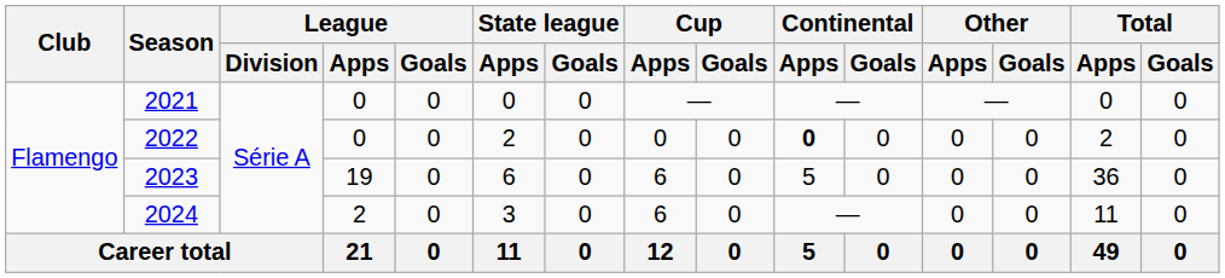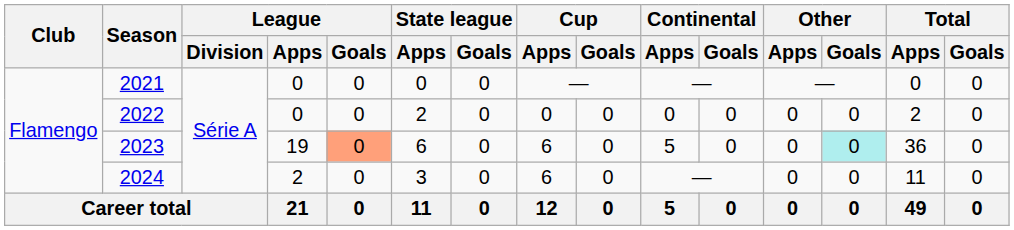 <table class="wikitable" style="text-align: center">
 <tr>
 <th rowspan="2">Club</th>
 <th rowspan="2">Season</th>
 <th colspan="3">League</th>
 <th colspan="2">State league</th>
 <th colspan="2">Cup</th>
 <th colspan="2">Continental</th>
 <th colspan="2">Other</th>
 <th colspan="2">Total</th>
 </tr>
 <tr>
 <th>Division</th>
 <th>Apps</th>
 <th>Goals</th>
 <th>Apps</th>
 <th>Goals</th>
 <th>Apps</th>
 <th>Goals</th>
 <th>Apps</th>
 <th>Goals</th>
 <th>Apps</th>
 <th>Goals</th>
 <th>Apps</th>
 <th>Goals</th>
 </tr>
 <tr>
 <td rowspan="4" align="center"><a href='#'>Flamengo</a></td>
 <td><a href='#'>2021</a></td>
 <td rowspan="4" align="center"><a href='#'>Série A</a></td>
 <td>0</td>
 <td>0</td>
 <td>0</td>
 <td>0</td>
 <td colspan="2">—</td>
 <td colspan="2">—</td>
 <td colspan="2">—</td>
 <td>0</td>
 <td>0</td>
 </tr>
 <tr>
 <td><a href='#'>2022</a></td>
 <td>0</td>
 <td>0</td>
 <td>2</td>
 <td>0</td>
 <td>0</td>
 <td>0</td>
-<td><strong>0</strong></td>
+<td>0</td>
 <td>0</td>
 <td>0</td>
 <td>0</td>
 <td>2</td>
 <td>0</td>
 </tr>
 <tr>
 <td><a href='#'>2023</a></td>
 <td>19</td>
-<td>0</td>
+<td style="background: lightsalmon;">0</td>
 <td>6</td>
 <td>0</td>
 <td>6</td>
 <td>0</td>
 <td>5</td>
 <td>0</td>
 <td>0</td>
-<td>0</td>
+<td style="background: paleturquoise;">0</td>
 <td>36</td>
 <td>0</td>
 </tr>
 <tr>
 <td><a href='#'>2024</a></td>
 <td>2</td>
 <td>0</td>
 <td>3</td>
 <td>0</td>
 <td>6</td>
 <td>0</td>
 <td colspan="2">—</td>
 <td>0</td>
 <td>0</td>
 <td>11</td>
 <td>0</td>
 </tr>
 <tr>
 <th colspan="3">Career total</th>
 <th>21</th>
 <th>0</th>
 <th>11</th>
 <th>0</th>
 <th>12</th>
 <th>0</th>
 <th>5</th>
 <th>0</th>
 <th>0</th>
 <th>0</th>
 <th>49</th>
 <th>0</th>
 </tr>
 </table>
